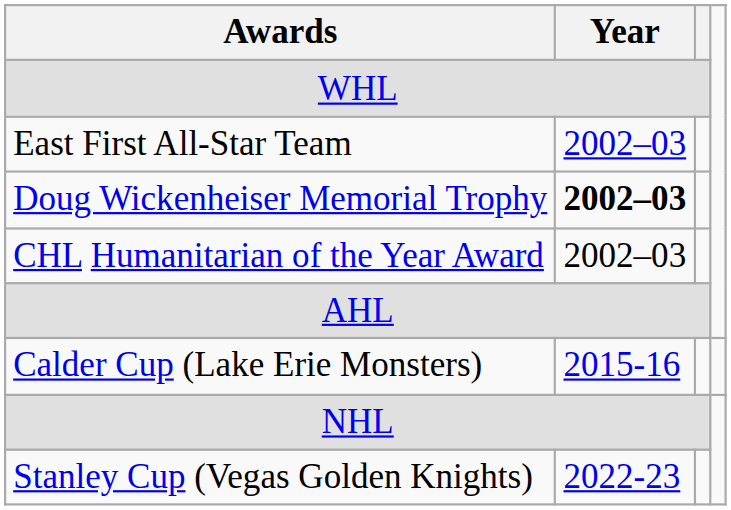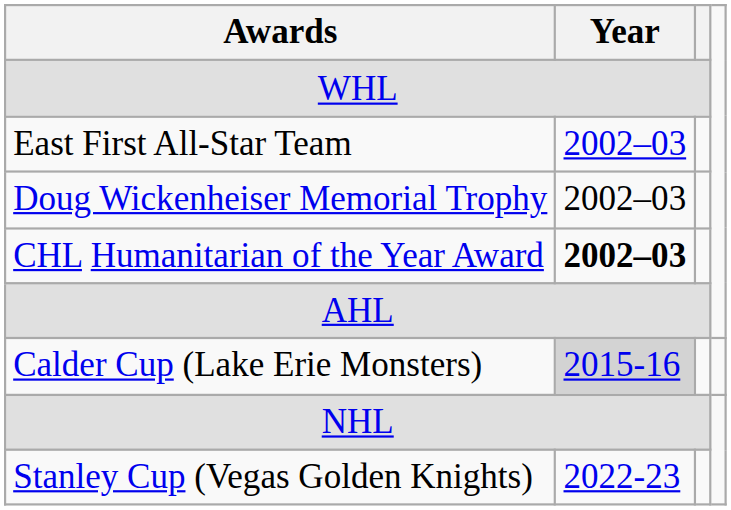 <table class="wikitable">
 <tr>
 <th>Awards</th>
 <th>Year</th>
 <th></th>
 </tr>
 <tr ALIGN="center" bgcolor="#e0e0e0">
 <td colspan="3"><a href='#'>WHL</a></td>
 </tr>
 <tr>
 <td>East First All-Star Team</td>
 <td><a href='#'>2002–03</a></td>
 <td></td>
 </tr>
 <tr>
 <td><a href='#'>Doug Wickenheiser Memorial Trophy</a></td>
-<td><strong>2002–03</strong></td>
+<td>2002–03</td>
 <td></td>
 </tr>
 <tr>
 <td><a href='#'>CHL</a> <a href='#'>Humanitarian of the Year Award</a></td>
-<td>2002–03</td>
+<td><strong>2002–03</strong></td>
 <td></td>
 </tr>
 <tr ALIGN="center" bgcolor="#e0e0e0">
 <td colspan="3"><a href='#'>AHL</a></td>
 </tr>
 <tr>
 <td><a href='#'>Calder Cup</a> (Lake Erie Monsters)</td>
-<td><a href='#'>2015-16</a></td>
+<td style="background: lightgrey;"><a href='#'>2015-16</a></td>
 <td></td>
 <td></td>
 </tr>
 <tr ALIGN="center" bgcolor="#e0e0e0">
 <td colspan="3"><a href='#'>NHL</a></td>
 </tr>
 <tr>
 <td><a href='#'>Stanley Cup</a> (Vegas Golden Knights)</td>
 <td><a href='#'>2022-23</a></td>
 <td></td>
 </tr>
 </table>
